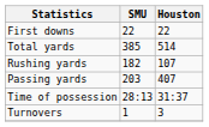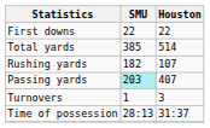 <table class="wikitable" style="float: right;">
 <tr>
 <th>Statistics</th>
 <th>SMU</th>
 <th>Houston</th>
 </tr>
 <tr>
 <td>First downs</td>
 <td>22</td>
 <td>22</td>
 </tr>
 <tr>
 <td>Total yards</td>
 <td>385</td>
 <td>514</td>
 </tr>
 <tr>
 <td>Rushing yards</td>
 <td>182</td>
 <td>107</td>
 </tr>
 <tr>
 <td>Passing yards</td>
-<td>203</td>
+<td style="background: paleturquoise;">203</td>
 <td>407</td>
+</tr>
+<tr>
+<td>Turnovers</td>
+<td>1</td>
+<td>3</td>
 </tr>
 <tr>
 <td>Time of possession</td>
 <td>28:13</td>
 <td>31:37</td>
 </tr>
 <tr>
-<td>Turnovers</td>
-<td>1</td>
-<td>3</td>
-</tr>
-<tr>
 </tr>
 </table>
